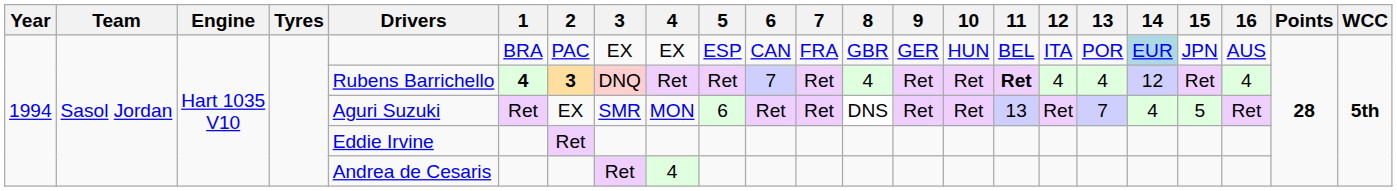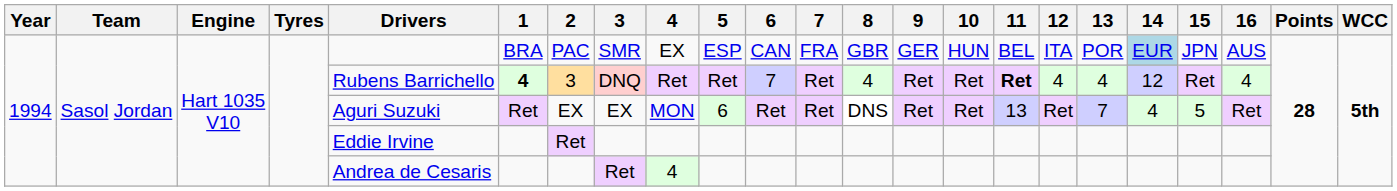 <table class="wikitable" style="text-align:center; font-size:95%">
 <tr>
 <th>Year</th>
 <th>Team</th>
 <th>Engine</th>
 <th>Tyres</th>
 <th>Drivers</th>
 <th>1</th>
 <th>2</th>
 <th>3</th>
 <th>4</th>
 <th>5</th>
 <th>6</th>
 <th>7</th>
 <th>8</th>
 <th>9</th>
 <th>10</th>
 <th>11</th>
 <th>12</th>
 <th>13</th>
 <th>14</th>
 <th>15</th>
 <th>16</th>
 <th>Points</th>
 <th>WCC</th>
 </tr>
 <tr>
 <td rowspan="5"><a href='#'>1994</a></td>
 <td rowspan="5"><a href='#'>Sasol</a> <a href='#'>Jordan</a></td>
 <td rowspan="5"><a href='#'>Hart 1035</a><br><a href='#'>V10</a></td>
 <td rowspan="5"></td>
 <td></td>
 <td><a href='#'>BRA</a></td>
 <td><a href='#'>PAC</a></td>
-<td>EX</td>
+<td><a href='#'>SMR</a></td>
 <td>EX</td>
 <td><a href='#'>ESP</a></td>
 <td><a href='#'>CAN</a></td>
 <td><a href='#'>FRA</a></td>
 <td><a href='#'>GBR</a></td>
 <td><a href='#'>GER</a></td>
 <td><a href='#'>HUN</a></td>
 <td><a href='#'>BEL</a></td>
 <td><a href='#'>ITA</a></td>
 <td><a href='#'>POR</a></td>
 <td style="background: lightblue;"><a href='#'>EUR</a></td>
 <td><a href='#'>JPN</a></td>
 <td><a href='#'>AUS</a></td>
 <td rowspan="5"><strong>28</strong></td>
 <td rowspan="5"><strong>5th</strong></td>
 </tr>
 <tr>
 <td align="left"><a href='#'>Rubens Barrichello</a></td>
 <td style="background:#dfffdf;"><strong>4</strong></td>
-<td style="background:#ffdf9f;"><strong>3</strong></td>
+<td style="background:#ffdf9f;">3</td>
 <td style="background:#ffcfcf;">DNQ</td>
 <td style="background:#efcfff;">Ret</td>
 <td style="background:#efcfff;">Ret</td>
 <td style="background:#cfcfff;">7</td>
 <td style="background:#efcfff;">Ret</td>
 <td style="background:#dfffdf;">4</td>
 <td style="background:#efcfff;">Ret</td>
 <td style="background:#efcfff;">Ret</td>
 <td style="background:#efcfff;"><strong>Ret</strong></td>
 <td style="background:#dfffdf;">4</td>
 <td style="background:#dfffdf;">4</td>
 <td style="background:#cfcfff;">12</td>
 <td style="background:#efcfff;">Ret</td>
 <td style="background:#dfffdf;">4</td>
 </tr>
 <tr>
 <td align="left"><a href='#'>Aguri Suzuki</a></td>
 <td style="background:#efcfff;">Ret</td>
 <td>EX</td>
-<td><a href='#'>SMR</a></td>
+<td>EX</td>
 <td><a href='#'>MON</a></td>
 <td style="background:#dfffdf;">6</td>
 <td style="background:#efcfff;">Ret</td>
 <td style="background:#efcfff;">Ret</td>
 <td style="background:#ffffff;">DNS</td>
 <td style="background:#efcfff;">Ret</td>
 <td style="background:#efcfff;">Ret</td>
 <td style="background:#cfcfff;">13</td>
 <td style="background:#efcfff;">Ret</td>
 <td style="background:#cfcfff;">7</td>
 <td style="background:#dfffdf;">4</td>
 <td style="background:#dfffdf;">5</td>
 <td style="background:#efcfff;">Ret</td>
 </tr>
 <tr>
 <td align="left"><a href='#'>Eddie Irvine</a></td>
 <td></td>
 <td style="background:#efcfff;">Ret</td>
 <td></td>
 <td></td>
 <td></td>
 <td></td>
 <td></td>
 <td></td>
 <td></td>
 <td></td>
 <td></td>
 <td></td>
 <td></td>
 <td></td>
 <td></td>
 <td></td>
 </tr>
 <tr>
 <td align="left"><a href='#'>Andrea de Cesaris</a></td>
 <td></td>
 <td></td>
 <td style="background:#efcfff;">Ret</td>
 <td style="background:#dfffdf;">4</td>
 <td></td>
 <td></td>
 <td></td>
 <td></td>
 <td></td>
 <td></td>
 <td></td>
 <td></td>
 <td></td>
 <td></td>
 <td></td>
 <td></td>
 </tr>
 </table>
